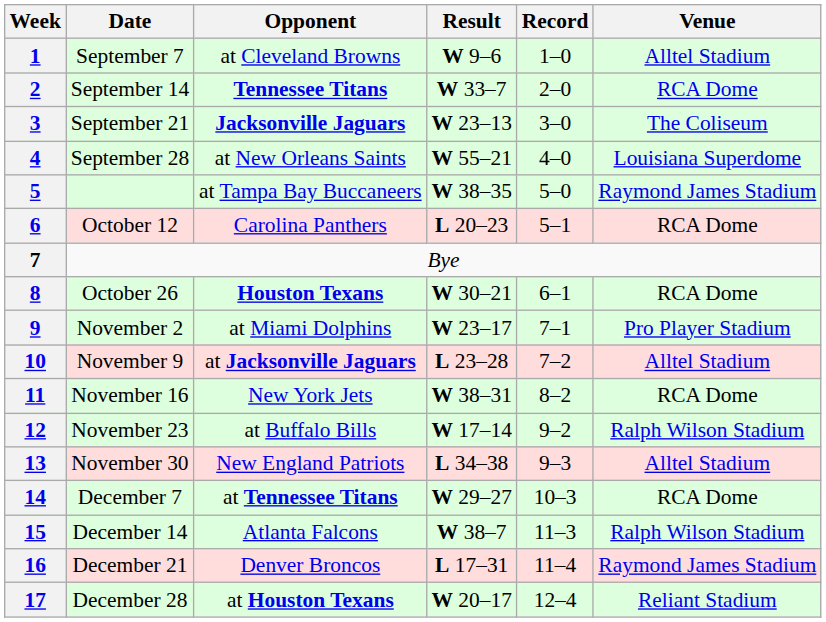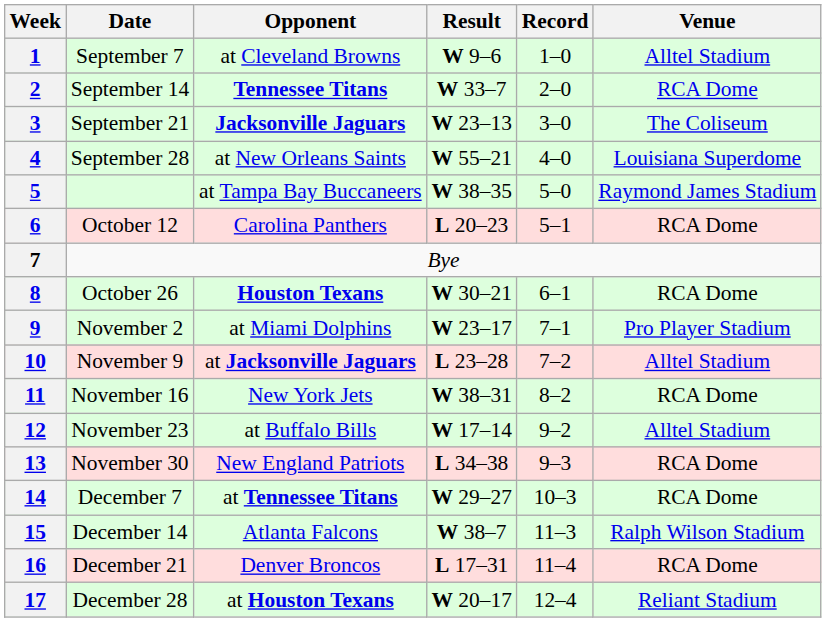 <table class="wikitable" style="text-align:center">
 <tr>
 <th>Week</th>
 <th>Date</th>
 <th>Opponent</th>
 <th>Result</th>
 <th>Record</th>
 <th>Venue</th>
 </tr>
 <tr style="background: #ddffdd;">
 <th><a href='#'>1</a></th>
 <td>September 7</td>
 <td>at <a href='#'>Cleveland Browns</a></td>
 <td><strong>W</strong> 9–6</td>
 <td>1–0</td>
 <td><a href='#'>Alltel Stadium</a></td>
 </tr>
 <tr style="background: #ddffdd;">
 <th><a href='#'>2</a></th>
 <td>September 14</td>
 <td><strong><a href='#'>Tennessee Titans</a></strong></td>
 <td><strong>W</strong> 33–7</td>
 <td>2–0</td>
 <td><a href='#'>RCA Dome</a></td>
 </tr>
 <tr style="background: #ddffdd;">
 <th><a href='#'>3</a></th>
 <td>September 21</td>
 <td><strong><a href='#'>Jacksonville Jaguars</a></strong></td>
 <td><strong>W</strong> 23–13</td>
 <td>3–0</td>
 <td><a href='#'>The Coliseum</a></td>
 </tr>
 <tr style="background: #ddffdd;">
 <th><a href='#'>4</a></th>
 <td>September 28</td>
 <td>at <a href='#'>New Orleans Saints</a></td>
 <td><strong>W</strong> 55–21</td>
 <td>4–0</td>
 <td><a href='#'>Louisiana Superdome</a></td>
 </tr>
 <tr style="background: #ddffdd;">
 <th><a href='#'>5</a></th>
 <td></td>
 <td>at <a href='#'>Tampa Bay Buccaneers</a></td>
 <td><strong>W</strong> 38–35 </td>
 <td>5–0</td>
 <td><a href='#'>Raymond James Stadium</a></td>
 </tr>
 <tr style="background: #ffdddd;">
 <th><a href='#'>6</a></th>
 <td>October 12</td>
 <td><a href='#'>Carolina Panthers</a></td>
 <td><strong>L</strong> 20–23 </td>
 <td>5–1</td>
 <td>RCA Dome</td>
 </tr>
 <tr>
 <th>7</th>
 <td colspan=5 align="center"><em>Bye</em></td>
 </tr>
 <tr style="background: #ddffdd;">
 <th><a href='#'>8</a></th>
 <td>October 26</td>
 <td><strong><a href='#'>Houston Texans</a></strong></td>
 <td><strong>W</strong> 30–21</td>
 <td>6–1</td>
 <td>RCA Dome</td>
 </tr>
 <tr style="background: #ddffdd;">
 <th><a href='#'>9</a></th>
 <td>November 2</td>
 <td>at <a href='#'>Miami Dolphins</a></td>
 <td><strong>W</strong> 23–17</td>
 <td>7–1</td>
 <td><a href='#'>Pro Player Stadium</a></td>
 </tr>
 <tr style="background: #ffdddd;">
 <th><a href='#'>10</a></th>
 <td>November 9</td>
 <td>at <strong><a href='#'>Jacksonville Jaguars</a></strong></td>
 <td><strong>L</strong> 23–28</td>
 <td>7–2</td>
 <td><a href='#'>Alltel Stadium</a></td>
 </tr>
 <tr style="background: #ddffdd;">
 <th><a href='#'>11</a></th>
 <td>November 16</td>
 <td><a href='#'>New York Jets</a></td>
 <td><strong>W</strong> 38–31</td>
 <td>8–2</td>
 <td>RCA Dome</td>
 </tr>
 <tr style="background: #ddffdd;">
 <th><a href='#'>12</a></th>
 <td>November 23</td>
 <td>at <a href='#'>Buffalo Bills</a></td>
 <td><strong>W</strong> 17–14</td>
 <td>9–2</td>
-<td><a href='#'>Ralph Wilson Stadium</a></td>
+<td><a href='#'>Alltel Stadium</a></td>
 </tr>
 <tr style="background: #ffdddd;">
 <th><a href='#'>13</a></th>
 <td>November 30</td>
 <td><a href='#'>New England Patriots</a></td>
 <td><strong>L</strong> 34–38</td>
 <td>9–3</td>
-<td><a href='#'>Alltel Stadium</a></td>
+<td>RCA Dome</td>
 </tr>
 <tr style="background: #ddffdd;">
 <th><a href='#'>14</a></th>
 <td>December 7</td>
 <td>at <strong><a href='#'>Tennessee Titans</a></strong></td>
 <td><strong>W</strong> 29–27</td>
 <td>10–3</td>
 <td>RCA Dome</td>
 </tr>
 <tr style="background: #ddffdd;">
 <th><a href='#'>15</a></th>
 <td>December 14</td>
 <td><a href='#'>Atlanta Falcons</a></td>
 <td><strong>W</strong> 38–7</td>
 <td>11–3</td>
 <td><a href='#'>Ralph Wilson Stadium</a></td>
 </tr>
 <tr style="background: #ffdddd;">
 <th><a href='#'>16</a></th>
 <td>December 21</td>
 <td><a href='#'>Denver Broncos</a></td>
 <td><strong>L</strong> 17–31</td>
 <td>11–4</td>
-<td><a href='#'>Raymond James Stadium</a></td>
+<td>RCA Dome</td>
 </tr>
 <tr style="background: #ddffdd;">
 <th><a href='#'>17</a></th>
 <td>December 28</td>
 <td>at <strong><a href='#'>Houston Texans</a></strong></td>
 <td><strong>W</strong> 20–17</td>
 <td>12–4</td>
 <td><a href='#'>Reliant Stadium</a></td>
 </tr>
 </table>
